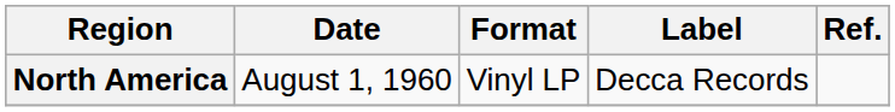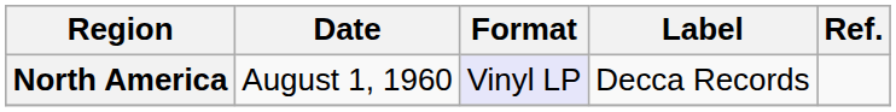 <table class="wikitable plainrowheaders">
 <tr>
 <th scope="col">Region</th>
 <th scope="col">Date</th>
 <th scope="col">Format</th>
 <th scope="col">Label</th>
 <th scope="col">Ref.</th>
 </tr>
 <tr>
 <th scope="row">North America</th>
 <td>August 1, 1960</td>
-<td>Vinyl LP</td>
+<td style="background: lavender;">Vinyl LP</td>
 <td>Decca Records</td>
 <td></td>
 </tr>
 <tr>
 </tr>
 </table>
